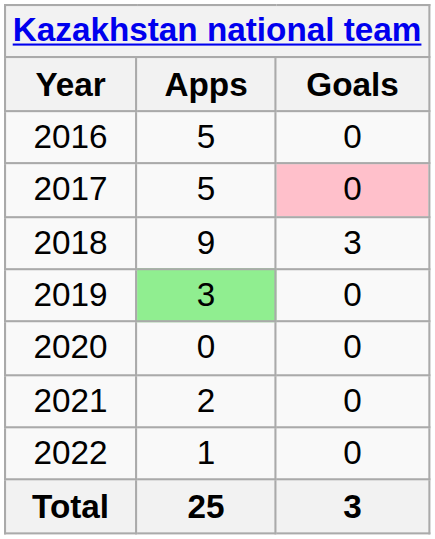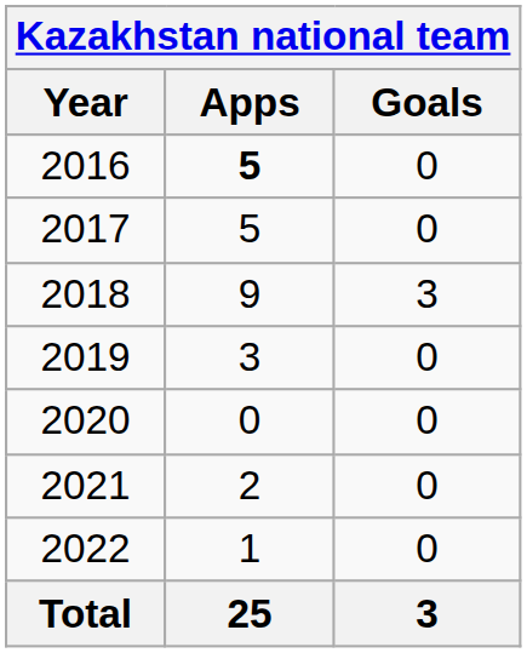 <table class="wikitable" style="text-align:center">
 <tr>
 <th colspan=3><a href='#'>Kazakhstan national team</a></th>
 </tr>
 <tr>
 <th>Year</th>
 <th>Apps</th>
 <th>Goals</th>
 </tr>
 <tr>
 <td>2016</td>
-<td>5</td>
+<td><strong>5</strong></td>
 <td>0</td>
 </tr>
 <tr>
 <td>2017</td>
 <td>5</td>
-<td style="background: pink;">0</td>
+<td>0</td>
 </tr>
 <tr>
 <td>2018</td>
 <td>9</td>
 <td>3</td>
 </tr>
 <tr>
 <td>2019</td>
-<td style="background: lightgreen;">3</td>
+<td>3</td>
 <td>0</td>
 </tr>
 <tr>
 <td>2020</td>
 <td>0</td>
 <td>0</td>
 </tr>
 <tr>
 <td>2021</td>
 <td>2</td>
 <td>0</td>
 </tr>
 <tr>
 <td>2022</td>
 <td>1</td>
 <td>0</td>
 </tr>
 <tr>
 <th>Total</th>
 <th>25</th>
 <th>3</th>
 </tr>
 </table>
